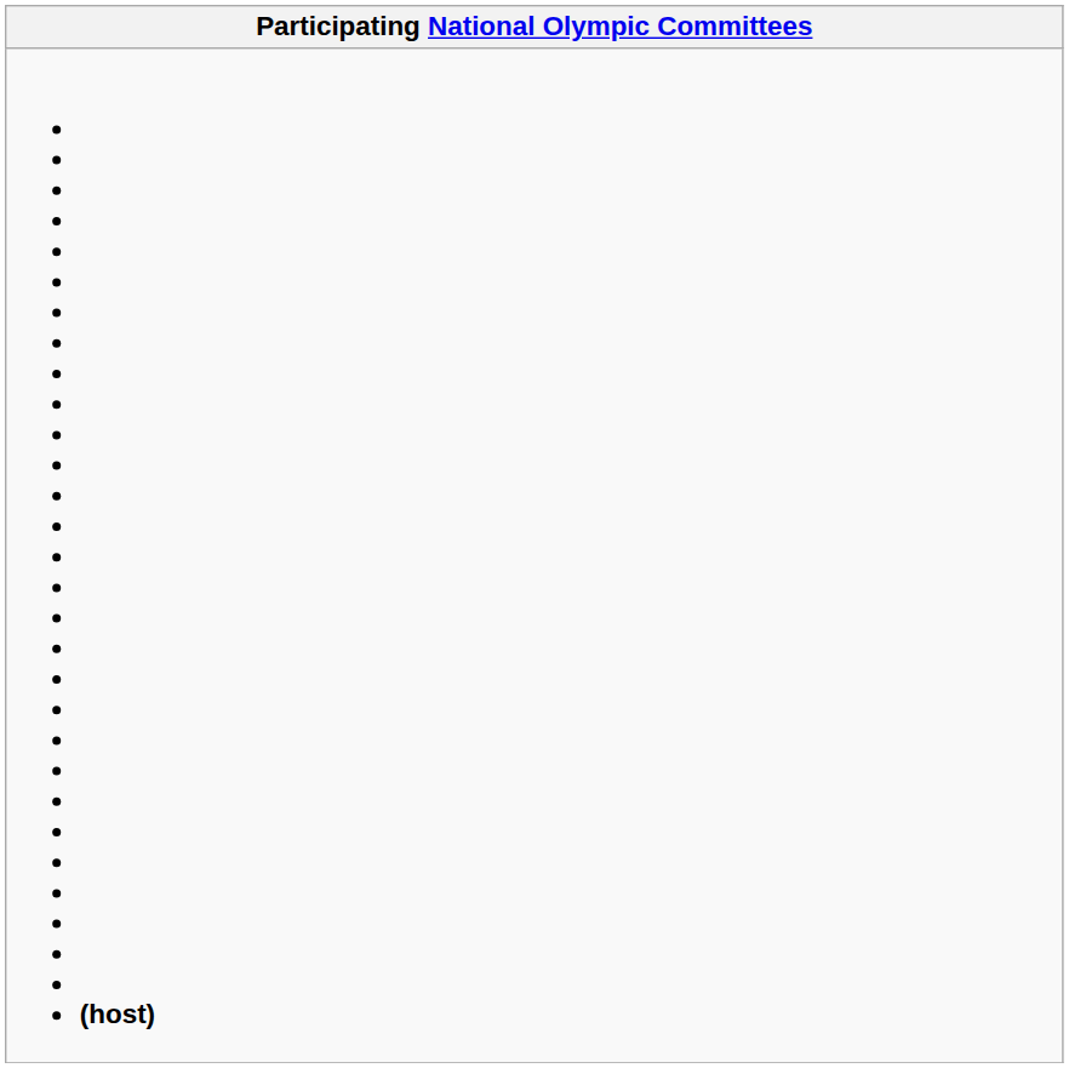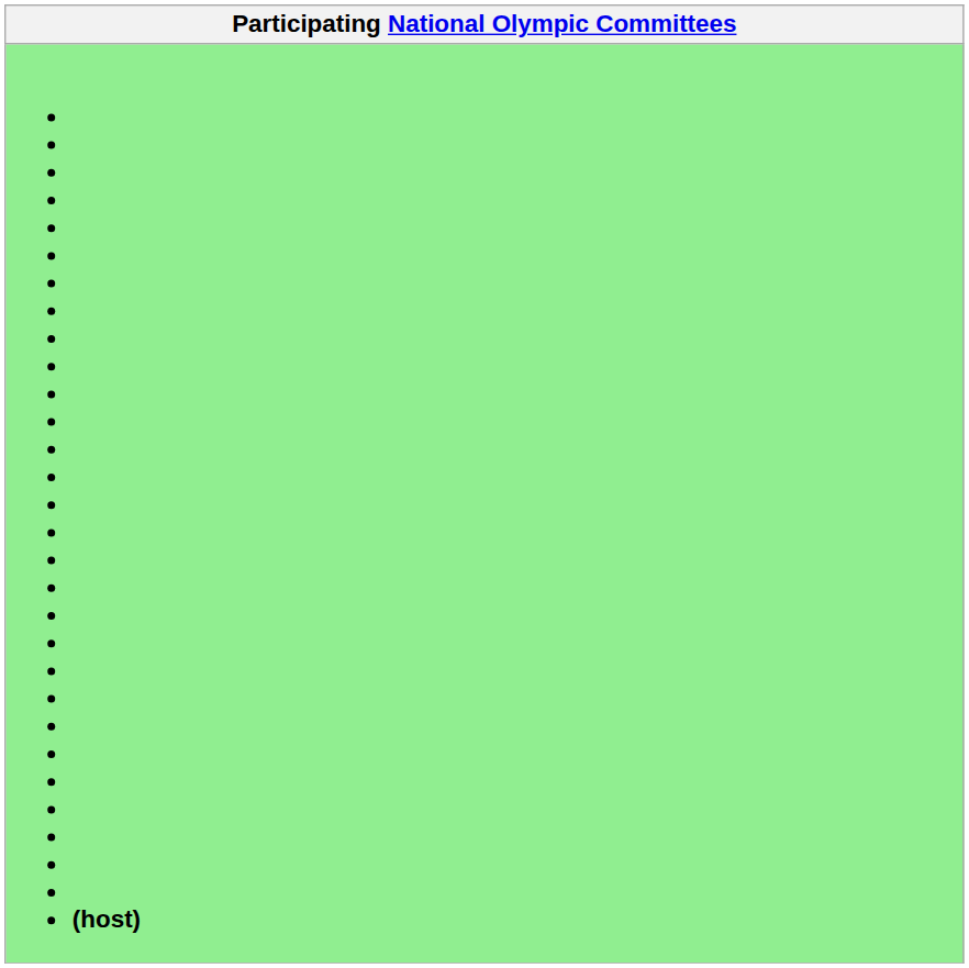 <table class="wikitable collapsible" style="width:100%;">
 <tr>
 <th>Participating <a href='#'>National Olympic Committees</a></th>
 </tr>
 <tr>
-<td><br><ul><li></li><li></li><li></li><li></li><li></li><li></li><li></li><li></li><li></li><li></li><li></li><li></li><li></li><li></li><li></li><li></li><li></li><li></li><li></li><li></li><li></li><li></li><li></li><li></li><li></li><li></li><li></li><li></li><li></li><li> <strong>(host)</strong></li></ul></td>
+<td style="background: lightgreen;"><br><ul><li></li><li></li><li></li><li></li><li></li><li></li><li></li><li></li><li></li><li></li><li></li><li></li><li></li><li></li><li></li><li></li><li></li><li></li><li></li><li></li><li></li><li></li><li></li><li></li><li></li><li></li><li></li><li></li><li></li><li> <strong>(host)</strong></li></ul></td>
 </tr>
 </table>
